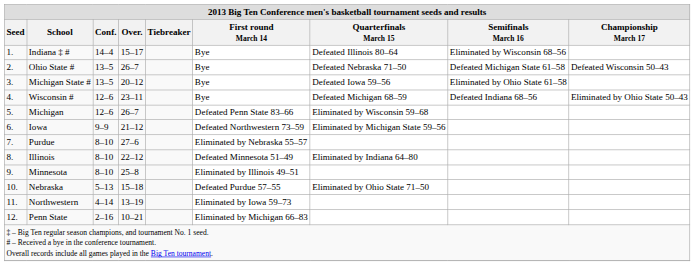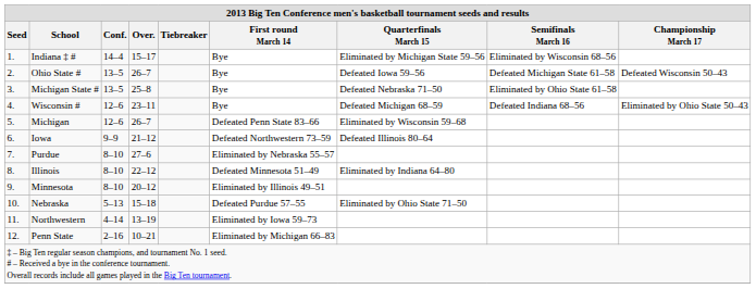 <table class="wikitable" style="white-space:nowrap; font-size:90%;">
 <tr>
 <td colspan="10" style="text-align:center; background:#DDDDDD; font:#000000"><strong>2013 Big Ten Conference men's basketball tournament seeds and results</strong></td>
 </tr>
 <tr bgcolor="#efefef">
 <th>Seed</th>
 <th>School</th>
 <th>Conf.</th>
 <th>Over.</th>
 <th>Tiebreaker</th>
 <th>First round<br><small>March 14</small></th>
 <th>Quarterfinals<br><small>March 15</small></th>
 <th>Semifinals<br><small>March 16</small></th>
 <th>Championship<br><small>March 17</small></th>
 </tr>
 <tr>
 <td>1.</td>
 <td>Indiana ‡ #</td>
 <td>14–4</td>
 <td>15–17</td>
 <td></td>
 <td style="background:#fff;">Bye</td>
-<td style="background:#fff;">Defeated Illinois 80–64</td>
+<td style="background:#fff;">Eliminated by Michigan State 59–56</td>
 <td style="background:#fff;">Eliminated by Wisconsin 68–56</td>
 <td style="background:#fff;"></td>
 </tr>
 <tr>
 <td>2.</td>
 <td>Ohio State #</td>
 <td>13–5</td>
 <td>26–7</td>
 <td></td>
 <td style="background:#fff;">Bye</td>
-<td style="background:#fff;">Defeated Nebraska 71–50</td>
+<td style="background:#fff;">Defeated Iowa 59–56</td>
 <td style="background:#fff;">Defeated Michigan State 61–58</td>
 <td style="background:#fff;">Defeated Wisconsin 50–43</td>
 </tr>
 <tr>
 <td>3.</td>
 <td>Michigan State #</td>
 <td>13–5</td>
-<td>20–12</td>
+<td>25–8</td>
 <td></td>
 <td style="background:#fff;">Bye</td>
-<td style="background:#fff;">Defeated Iowa 59–56</td>
+<td style="background:#fff;">Defeated Nebraska 71–50</td>
 <td style="background:#fff;">Eliminated by Ohio State 61–58</td>
 <td style="background:#fff;"></td>
 </tr>
 <tr>
 <td>4.</td>
 <td>Wisconsin #</td>
 <td>12–6</td>
 <td>23–11</td>
 <td></td>
 <td style="background:#fff;">Bye</td>
 <td style="background:#fff;">Defeated Michigan 68–59</td>
 <td style="background:#fff;">Defeated Indiana 68–56</td>
 <td style="background:#fff;">Eliminated by Ohio State 50–43</td>
 </tr>
 <tr>
 <td>5.</td>
 <td>Michigan</td>
 <td>12–6</td>
 <td>26–7</td>
 <td></td>
 <td style="background:#fff;">Defeated Penn State 83–66</td>
 <td style="background:#fff;">Eliminated by Wisconsin 59–68</td>
 <td style="background:#fff;"></td>
 <td style="background:#fff;"></td>
 </tr>
 <tr>
 <td>6.</td>
 <td>Iowa</td>
 <td>9–9</td>
 <td>21–12</td>
 <td></td>
 <td style="background:#fff;">Defeated Northwestern 73–59</td>
-<td style="background:#fff;">Eliminated by Michigan State 59–56</td>
+<td style="background:#fff;">Defeated Illinois 80–64</td>
 <td style="background:#fff;"></td>
 <td style="background:#fff;"></td>
 </tr>
 <tr>
 <td>7.</td>
 <td>Purdue</td>
 <td>8–10</td>
 <td>27–6</td>
 <td></td>
 <td style="background:#fff;">Eliminated by Nebraska 55–57</td>
 <td style="background:#fff;"></td>
 <td style="background:#fff;"></td>
 <td style="background:#fff;"></td>
 </tr>
 <tr>
 <td>8.</td>
 <td>Illinois</td>
 <td>8–10</td>
 <td>22–12</td>
 <td></td>
 <td style="background:#fff;">Defeated Minnesota 51–49</td>
 <td style="background:#fff;">Eliminated by Indiana 64–80</td>
 <td style="background:#fff;"></td>
 <td style="background:#fff;"></td>
 </tr>
 <tr>
 <td>9.</td>
 <td>Minnesota</td>
 <td>8–10</td>
-<td>25–8</td>
+<td>20–12</td>
 <td></td>
 <td style="background:#fff;">Eliminated by Illinois 49–51</td>
 <td style="background:#fff;"></td>
 <td style="background:#fff;"></td>
 <td style="background:#fff;"></td>
 </tr>
 <tr>
 <td>10.</td>
 <td>Nebraska</td>
 <td>5–13</td>
 <td>15–18</td>
 <td></td>
 <td style="background:#fff;">Defeated Purdue 57–55</td>
 <td style="background:#fff;">Eliminated by Ohio State 71–50</td>
 <td style="background:#fff;"></td>
 <td style="background:#fff;"></td>
 </tr>
 <tr>
 <td>11.</td>
 <td>Northwestern</td>
 <td>4–14</td>
 <td>13–19</td>
 <td></td>
 <td style="background:#fff;">Eliminated by Iowa 59–73</td>
 <td style="background:#fff;"></td>
 <td style="background:#fff;"></td>
 <td style="background:#fff;"></td>
 </tr>
 <tr>
 <td>12.</td>
 <td>Penn State</td>
 <td>2–16</td>
 <td>10–21</td>
 <td></td>
 <td style="background:#fff;">Eliminated by Michigan 66–83</td>
 <td style="background:#fff;"></td>
 <td style="background:#fff;"></td>
 <td style="background:#fff;"></td>
 </tr>
 <tr>
 <td colspan="10" style="text-align:left;"><small>‡ – Big Ten regular season champions, and tournament No. 1 seed.<br># – Received a bye in the conference tournament.<br>Overall records include all games played in the <a href='#'>Big Ten tournament</a>.</small></td>
 </tr>
 <tr>
 </tr>
 </table>
